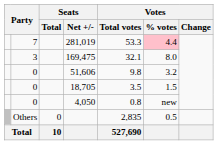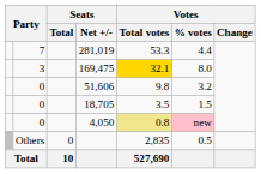 <table class="wikitable" style="text-align:right; font-size:95%;">
 <tr>
 <th colspan="2" rowspan="2">Party</th>
 <th colspan="2">Seats</th>
 <th colspan="3">Votes</th>
 </tr>
 <tr>
 <th>Total</th>
 <th>Net +/-</th>
 <th>Total votes</th>
 <th>% votes</th>
 <th>Change</th>
 </tr>
 <tr>
 <td></td>
 <td>7</td>
 <td></td>
 <td>281,019</td>
 <td>53.3</td>
-<td style="background: pink;">4.4</td>
+<td>4.4</td>
 </tr>
 <tr>
 <td></td>
 <td>3</td>
 <td></td>
 <td>169,475</td>
-<td>32.1</td>
+<td style="background: gold;">32.1</td>
 <td>8.0</td>
 </tr>
 <tr>
 <td></td>
 <td>0</td>
 <td></td>
 <td>51,606</td>
 <td>9.8</td>
 <td>3.2</td>
 </tr>
 <tr>
 <td></td>
 <td>0</td>
 <td></td>
 <td>18,705</td>
 <td>3.5</td>
 <td>1.5</td>
 </tr>
 <tr>
 <td></td>
 <td>0</td>
 <td></td>
 <td>4,050</td>
-<td>0.8</td>
-<td>new</td>
+<td style="background: khaki;">0.8</td>
+<td style="background: pink;">new</td>
 </tr>
 <tr>
 <td style="background:silver;"> </td>
 <td align=left>Others</td>
 <td>0</td>
 <td></td>
 <td>2,835</td>
 <td>0.5</td>
 <td></td>
 </tr>
 <tr>
 <th colspan="2" style="background:#f2f2f2">Total</th>
 <td style="background:#f2f2f2;"><strong>10</strong></td>
 <td style="background:#f2f2f2;"></td>
 <td style="background:#f2f2f2;"><strong>527,690</strong></td>
 <td style="background:#f2f2f2;"></td>
 <td style="background:#f2f2f2;"></td>
 </tr>
 </table>
